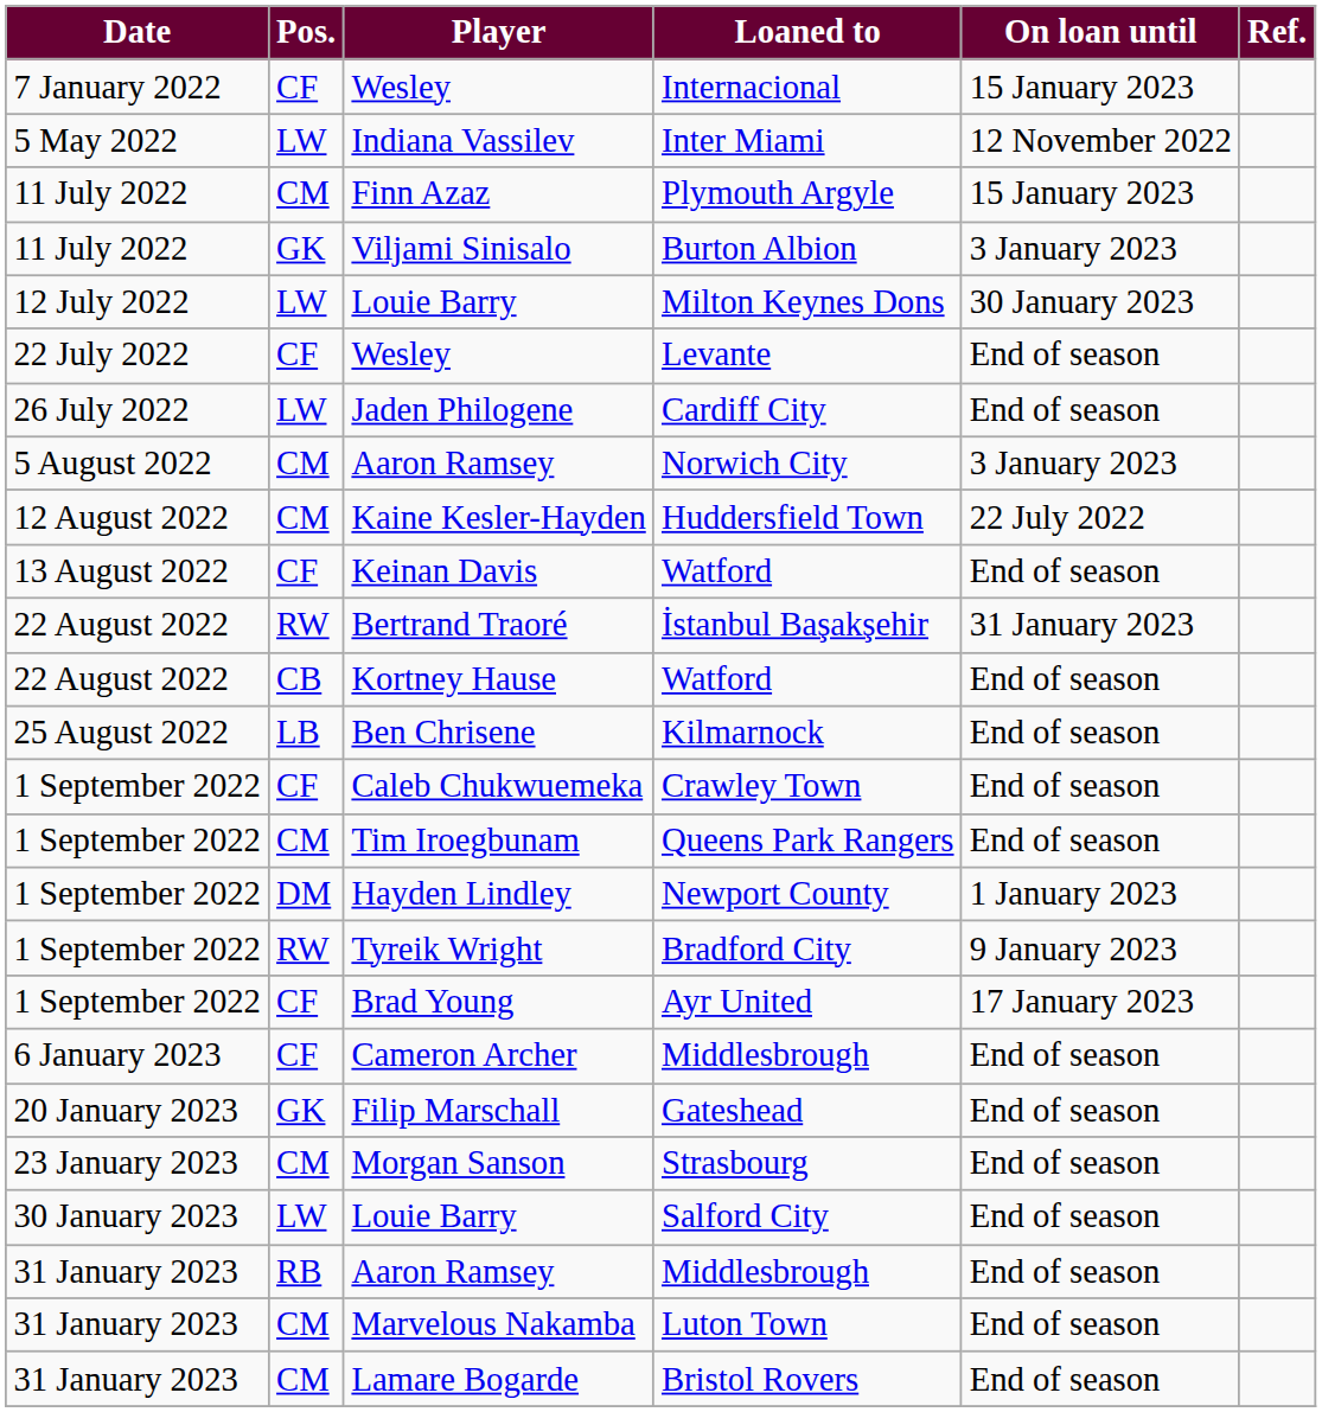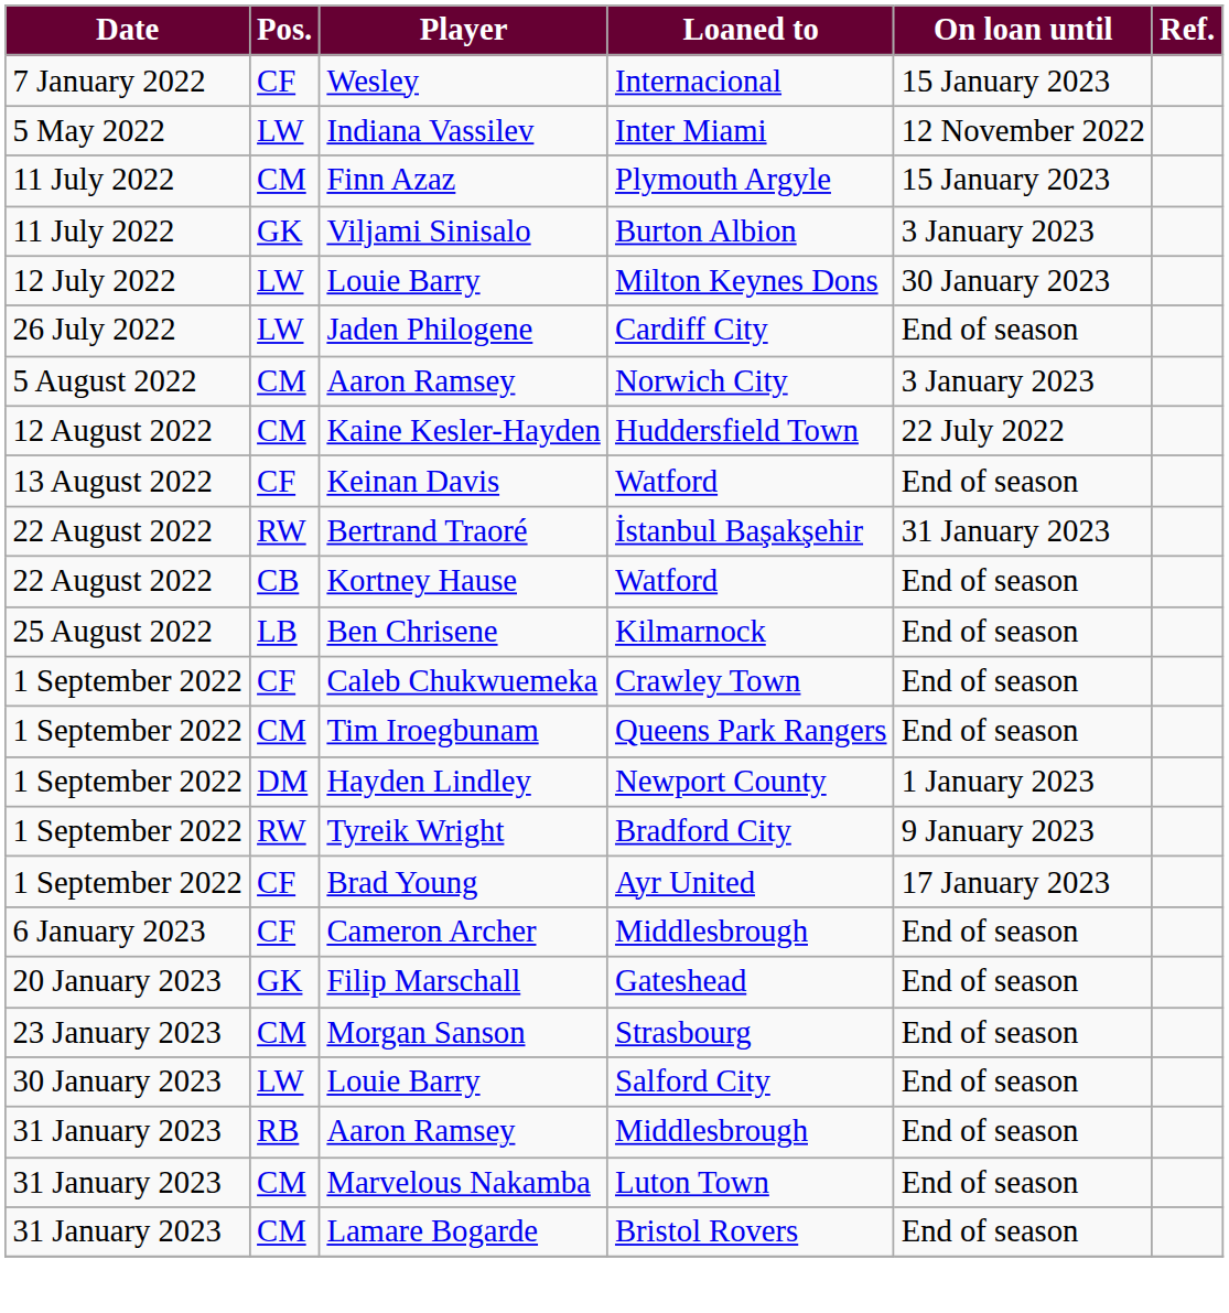 <table class="wikitable plainrowheaders sortable">
 <tr>
 <th style="background:#660033; color:#ffffff; ">Date</th>
 <th style="background:#660033; color:#ffffff; ">Pos.</th>
 <th style="background:#660033; color:#ffffff; ">Player</th>
 <th style="background:#660033; color:#ffffff; ">Loaned to</th>
 <th style="background:#660033; color:#ffffff; ">On loan until</th>
 <th style="background:#660033; color:#ffffff; ">Ref.</th>
 </tr>
 <tr>
 <td>7 January 2022</td>
 <td><a href='#'>CF</a></td>
 <td> <a href='#'>Wesley</a></td>
 <td> <a href='#'>Internacional</a></td>
 <td>15 January 2023</td>
 <td></td>
 </tr>
 <tr>
 <td>5 May 2022</td>
 <td><a href='#'>LW</a></td>
 <td> <a href='#'>Indiana Vassilev</a></td>
 <td> <a href='#'>Inter Miami</a></td>
 <td>12 November 2022</td>
 <td></td>
 </tr>
 <tr>
 <td>11 July 2022</td>
 <td><a href='#'>CM</a></td>
 <td> <a href='#'>Finn Azaz</a></td>
 <td> <a href='#'>Plymouth Argyle</a></td>
 <td>15 January 2023</td>
 <td></td>
 </tr>
 <tr>
 <td>11 July 2022</td>
 <td><a href='#'>GK</a></td>
 <td> <a href='#'>Viljami Sinisalo</a></td>
 <td> <a href='#'>Burton Albion</a></td>
 <td>3 January 2023</td>
 <td></td>
 </tr>
 <tr>
 <td>12 July 2022</td>
 <td><a href='#'>LW</a></td>
 <td> <a href='#'>Louie Barry</a></td>
 <td> <a href='#'>Milton Keynes Dons</a></td>
 <td>30 January 2023</td>
-<td></td>
-</tr>
-<tr>
-<td>22 July 2022</td>
-<td><a href='#'>CF</a></td>
-<td> <a href='#'>Wesley</a></td>
-<td> <a href='#'>Levante</a></td>
-<td>End of season</td>
 <td></td>
 </tr>
 <tr>
 <td>26 July 2022</td>
 <td><a href='#'>LW</a></td>
 <td> <a href='#'>Jaden Philogene</a></td>
 <td> <a href='#'>Cardiff City</a></td>
 <td>End of season</td>
 <td></td>
 </tr>
 <tr>
 <td>5 August 2022</td>
 <td><a href='#'>CM</a></td>
 <td> <a href='#'>Aaron Ramsey</a></td>
 <td> <a href='#'>Norwich City</a></td>
 <td>3 January 2023</td>
 <td></td>
 </tr>
 <tr>
 <td>12 August 2022</td>
 <td><a href='#'>CM</a></td>
 <td> <a href='#'>Kaine Kesler-Hayden</a></td>
 <td> <a href='#'>Huddersfield Town</a></td>
 <td>22 July 2022</td>
 <td></td>
 </tr>
 <tr>
 <td>13 August 2022</td>
 <td><a href='#'>CF</a></td>
 <td> <a href='#'>Keinan Davis</a></td>
 <td> <a href='#'>Watford</a></td>
 <td>End of season</td>
 <td></td>
 </tr>
 <tr>
 <td>22 August 2022</td>
 <td><a href='#'>RW</a></td>
 <td> <a href='#'>Bertrand Traoré</a></td>
 <td> <a href='#'>İstanbul Başakşehir</a></td>
 <td>31 January 2023</td>
 <td></td>
 </tr>
 <tr>
 <td>22 August 2022</td>
 <td><a href='#'>CB</a></td>
 <td> <a href='#'>Kortney Hause</a></td>
 <td> <a href='#'>Watford</a></td>
 <td>End of season</td>
 <td></td>
 </tr>
 <tr>
 <td>25 August 2022</td>
 <td><a href='#'>LB</a></td>
 <td> <a href='#'>Ben Chrisene</a></td>
 <td> <a href='#'>Kilmarnock</a></td>
 <td>End of season</td>
 <td></td>
 </tr>
 <tr>
 <td>1 September 2022</td>
 <td><a href='#'>CF</a></td>
 <td> <a href='#'>Caleb Chukwuemeka</a></td>
 <td> <a href='#'>Crawley Town</a></td>
 <td>End of season</td>
 <td></td>
 </tr>
 <tr>
 <td>1 September 2022</td>
 <td><a href='#'>CM</a></td>
 <td> <a href='#'>Tim Iroegbunam</a></td>
 <td> <a href='#'>Queens Park Rangers</a></td>
 <td>End of season</td>
 <td></td>
 </tr>
 <tr>
 <td>1 September 2022</td>
 <td><a href='#'>DM</a></td>
 <td> <a href='#'>Hayden Lindley</a></td>
 <td> <a href='#'>Newport County</a></td>
 <td>1 January 2023</td>
 <td></td>
 </tr>
 <tr>
 <td>1 September 2022</td>
 <td><a href='#'>RW</a></td>
 <td> <a href='#'>Tyreik Wright</a></td>
 <td> <a href='#'>Bradford City</a></td>
 <td>9 January 2023</td>
 <td></td>
 </tr>
 <tr>
 <td>1 September 2022</td>
 <td><a href='#'>CF</a></td>
 <td> <a href='#'>Brad Young</a></td>
 <td> <a href='#'>Ayr United</a></td>
 <td>17 January 2023</td>
 <td></td>
 </tr>
 <tr>
 <td>6 January 2023</td>
 <td><a href='#'>CF</a></td>
 <td> <a href='#'>Cameron Archer</a></td>
 <td> <a href='#'>Middlesbrough</a></td>
 <td>End of season</td>
 <td></td>
 </tr>
 <tr>
 <td>20 January 2023</td>
 <td><a href='#'>GK</a></td>
 <td> <a href='#'>Filip Marschall</a></td>
 <td> <a href='#'>Gateshead</a></td>
 <td>End of season</td>
 <td></td>
 </tr>
 <tr>
 <td>23 January 2023</td>
 <td><a href='#'>CM</a></td>
 <td> <a href='#'>Morgan Sanson</a></td>
 <td> <a href='#'>Strasbourg</a></td>
 <td>End of season</td>
 <td></td>
 </tr>
 <tr>
 <td>30 January 2023</td>
 <td><a href='#'>LW</a></td>
 <td> <a href='#'>Louie Barry</a></td>
 <td> <a href='#'>Salford City</a></td>
 <td>End of season</td>
 <td></td>
 </tr>
 <tr>
 <td>31 January 2023</td>
 <td><a href='#'>RB</a></td>
 <td> <a href='#'>Aaron Ramsey</a></td>
 <td> <a href='#'>Middlesbrough</a></td>
 <td>End of season</td>
 <td></td>
 </tr>
 <tr>
 <td>31 January 2023</td>
 <td><a href='#'>CM</a></td>
 <td> <a href='#'>Marvelous Nakamba</a></td>
 <td> <a href='#'>Luton Town</a></td>
 <td>End of season</td>
 <td></td>
 </tr>
 <tr>
 <td>31 January 2023</td>
 <td><a href='#'>CM</a></td>
 <td> <a href='#'>Lamare Bogarde</a></td>
 <td> <a href='#'>Bristol Rovers</a></td>
 <td>End of season</td>
 <td></td>
 </tr>
 <tr>
 </tr>
 </table>
